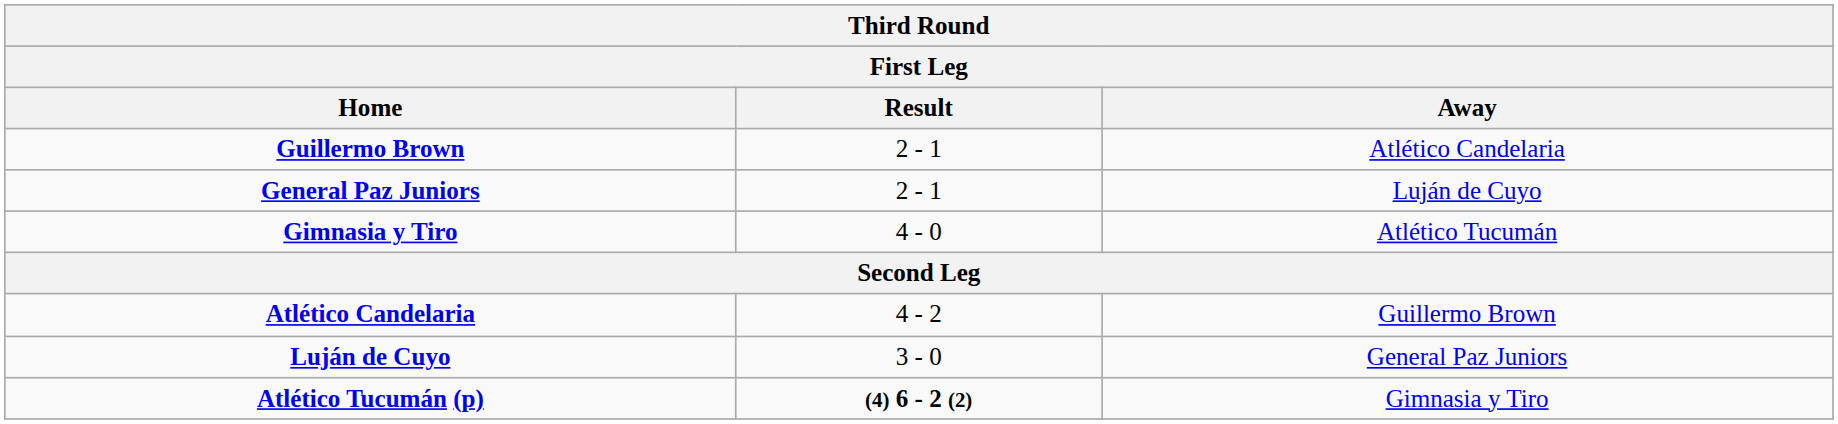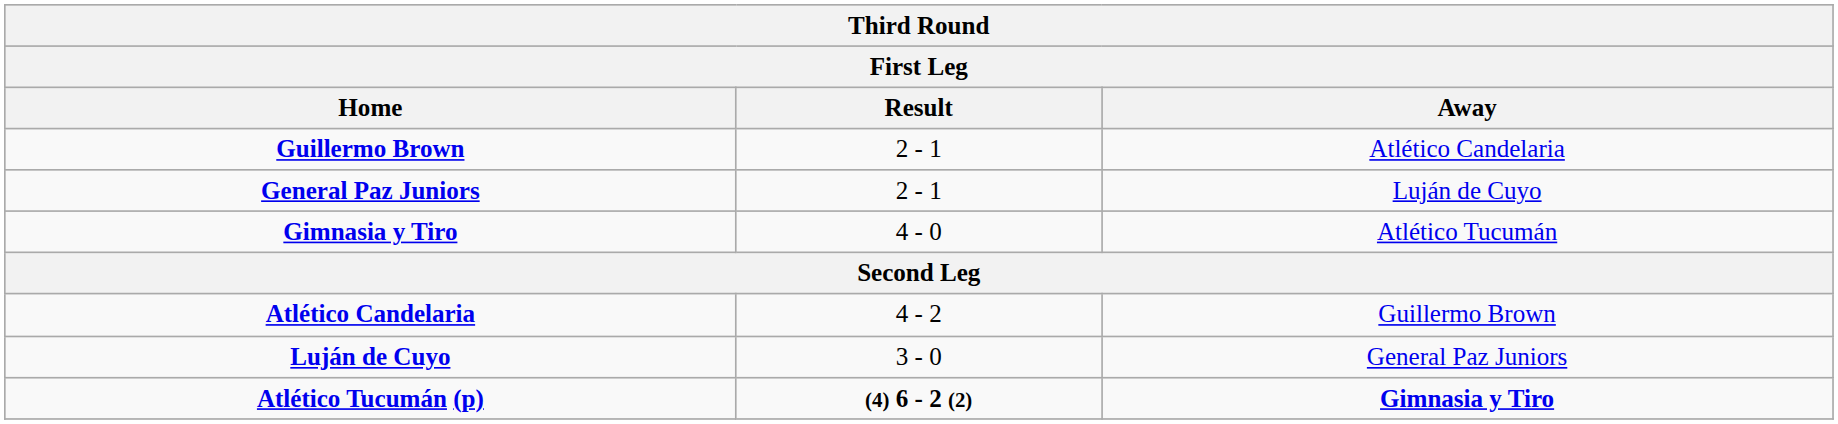 <table align=center class="wikitable collapsible collapsed" style="font-size:95%; text-align: center; width: 70%;">
 <tr>
 <th colspan=100% style="with: 100%;" align=center>Third Round</th>
 </tr>
 <tr>
 <th colspan=100% style="with: 75%;" align=center>First Leg</th>
 </tr>
 <tr>
 <th width=30%>Home</th>
 <th width=15%>Result</th>
 <th width=30%>Away</th>
 </tr>
 <tr align=center>
 <td><strong><a href='#'>Guillermo Brown</a></strong></td>
 <td>2 - 1</td>
 <td><a href='#'>Atlético Candelaria</a></td>
 </tr>
 <tr align=center>
 <td><strong><a href='#'>General Paz Juniors</a></strong></td>
 <td>2 - 1</td>
 <td><a href='#'>Luján de Cuyo</a></td>
 </tr>
 <tr align=center>
 <td><strong><a href='#'>Gimnasia y Tiro</a></strong></td>
 <td>4 - 0</td>
 <td><a href='#'>Atlético Tucumán</a></td>
 </tr>
 <tr>
 <th colspan=100% style="with: 75%;" align=center>Second Leg</th>
 </tr>
 <tr align=center>
 <td><strong><a href='#'>Atlético Candelaria</a></strong></td>
 <td>4 - 2</td>
 <td><a href='#'>Guillermo Brown</a></td>
 </tr>
 <tr align=center>
 <td><strong><a href='#'>Luján de Cuyo</a></strong></td>
 <td>3 - 0</td>
 <td><a href='#'>General Paz Juniors</a></td>
 </tr>
 <tr align=center>
 <td><strong><a href='#'>Atlético Tucumán</a> <a href='#'>(p)</a></strong></td>
 <td><strong><small>(4)</small> 6 - 2 <small>(2)</small></strong></td>
-<td><a href='#'>Gimnasia y Tiro</a></td>
+<td><strong><a href='#'>Gimnasia y Tiro</a></strong></td>
 </tr>
 </table>
